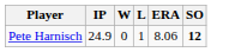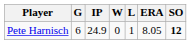 <table class="wikitable sortable">
 <tr>
 <th>Player</th>
+<th>G</th>
 <th>IP</th>
 <th>W</th>
 <th>L</th>
 <th>ERA</th>
 <th>SO</th>
 </tr>
 <tr align="center">
 <td><a href='#'>Pete Harnisch</a></td>
+<td>6</td>
 <td>24.9</td>
 <td>0</td>
 <td>1</td>
-<td>8.06</td>
+<td>8.05</td>
 <td><strong>12</strong></td>
 </tr>
 </table>
